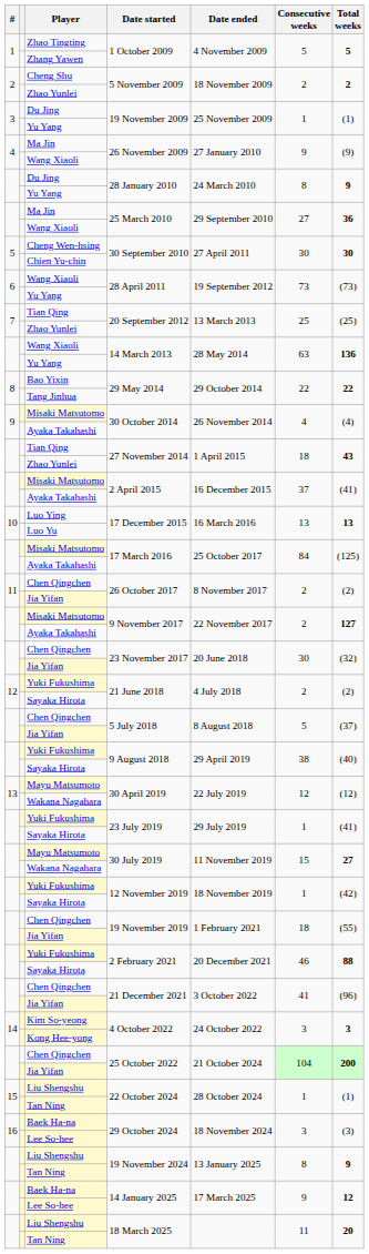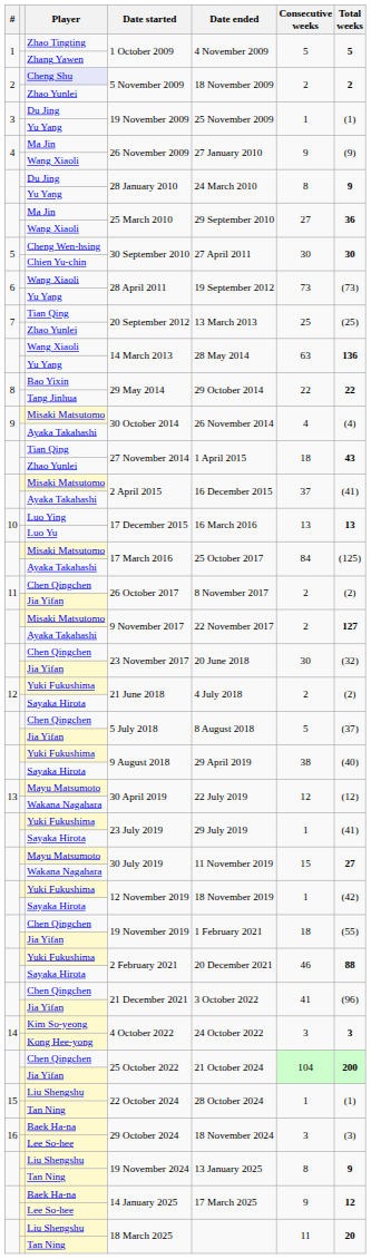 <table class="sortable wikitable" style="font-size:90%; text-align:center">
 <tr>
 <th>#</th>
 <th></th>
 <th>Player</th>
 <th>Date started</th>
 <th>Date ended</th>
 <th>Consecutive<br>weeks</th>
 <th>Total<br>weeks</th>
 </tr>
 <tr>
 <td rowspan="2">1</td>
 <td></td>
 <td align="left"><a href='#'>Zhao Tingting</a></td>
 <td align="left" rowspan="2">1 October 2009</td>
 <td align="left" rowspan="2">4 November 2009</td>
 <td rowspan="2">5</td>
 <td rowspan="2"><strong>5</strong></td>
 </tr>
 <tr>
 <td></td>
 <td align="left"><a href='#'>Zhang Yawen</a></td>
 </tr>
 <tr>
 <td rowspan="2">2</td>
 <td></td>
-<td align="left"><a href='#'>Cheng Shu</a></td>
+<td align="left" style="background: lavender;"><a href='#'>Cheng Shu</a></td>
 <td align="left" rowspan="2">5 November 2009</td>
 <td align="left" rowspan="2">18 November 2009</td>
 <td rowspan="2">2</td>
 <td rowspan="2"><strong>2</strong></td>
 </tr>
 <tr>
 <td></td>
 <td align="left"><a href='#'>Zhao Yunlei</a></td>
 </tr>
 <tr>
 <td rowspan="2">3</td>
 <td></td>
 <td align="left"><a href='#'>Du Jing</a></td>
 <td align="left" rowspan="2">19 November 2009</td>
 <td align="left" rowspan="2">25 November 2009</td>
 <td rowspan="2">1</td>
 <td rowspan="2">(1)</td>
 </tr>
 <tr>
 <td></td>
 <td align="left"><a href='#'>Yu Yang</a></td>
 </tr>
 <tr>
 <td rowspan="2">4</td>
 <td></td>
 <td align="left"><a href='#'>Ma Jin</a></td>
 <td align="left" rowspan="2">26 November 2009</td>
 <td align="left" rowspan="2">27 January 2010</td>
 <td rowspan="2">9</td>
 <td rowspan="2">(9)</td>
 </tr>
 <tr>
 <td></td>
 <td align="left"><a href='#'>Wang Xiaoli</a></td>
 </tr>
 <tr>
 <td rowspan="2"></td>
 <td></td>
 <td align="left"><a href='#'>Du Jing</a></td>
 <td align="left" rowspan="2">28 January 2010</td>
 <td align="left" rowspan="2">24 March 2010</td>
 <td rowspan="2">8</td>
 <td rowspan="2"><strong>9</strong></td>
 </tr>
 <tr>
 <td></td>
 <td align="left"><a href='#'>Yu Yang</a></td>
 </tr>
 <tr>
 <td rowspan="2"></td>
 <td></td>
 <td align="left"><a href='#'>Ma Jin</a></td>
 <td align="left" rowspan="2">25 March 2010</td>
 <td align="left" rowspan="2">29 September 2010</td>
 <td rowspan="2">27</td>
 <td rowspan="2"><strong>36</strong></td>
 </tr>
 <tr>
 <td></td>
 <td align="left"><a href='#'>Wang Xiaoli</a></td>
 </tr>
 <tr>
 <td rowspan="2">5</td>
 <td></td>
 <td align="left"><a href='#'>Cheng Wen-hsing</a></td>
 <td align="left" rowspan="2">30 September 2010</td>
 <td align="left" rowspan="2">27 April 2011</td>
 <td rowspan="2">30</td>
 <td rowspan="2"><strong>30</strong></td>
 </tr>
 <tr>
 <td></td>
 <td align="left"><a href='#'>Chien Yu-chin</a></td>
 </tr>
 <tr>
 <td rowspan="2">6</td>
 <td></td>
 <td align="left"><a href='#'>Wang Xiaoli</a></td>
 <td align="left" rowspan="2">28 April 2011</td>
 <td align="left" rowspan="2">19 September 2012</td>
 <td rowspan="2">73</td>
 <td rowspan="2">(73)</td>
 </tr>
 <tr>
 <td></td>
 <td align="left"><a href='#'>Yu Yang</a></td>
 </tr>
 <tr>
 <td rowspan="2">7</td>
 <td></td>
 <td align="left"><a href='#'>Tian Qing</a></td>
 <td align="left" rowspan="2">20 September 2012</td>
 <td align="left" rowspan="2">13 March 2013</td>
 <td rowspan="2">25</td>
 <td rowspan="2">(25)</td>
 </tr>
 <tr>
 <td></td>
 <td align="left"><a href='#'>Zhao Yunlei</a></td>
 </tr>
 <tr>
 <td rowspan="2"></td>
 <td></td>
 <td align="left"><a href='#'>Wang Xiaoli</a></td>
 <td align="left" rowspan="2">14 March 2013</td>
 <td align="left" rowspan="2">28 May 2014</td>
 <td rowspan="2">63</td>
 <td rowspan="2"><strong>136</strong></td>
 </tr>
 <tr>
 <td></td>
 <td align="left"><a href='#'>Yu Yang</a></td>
 </tr>
 <tr>
 <td rowspan="2">8</td>
 <td></td>
 <td align="left"><a href='#'>Bao Yixin</a></td>
 <td align="left" rowspan="2">29 May 2014</td>
 <td align="left" rowspan="2">29 October 2014</td>
 <td rowspan="2">22</td>
 <td rowspan="2"><strong>22</strong></td>
 </tr>
 <tr>
 <td></td>
 <td align="left"><a href='#'>Tang Jinhua</a></td>
 </tr>
 <tr>
 <td rowspan="2">9</td>
 <td bgcolor="#FFFACD"></td>
 <td align="left" bgcolor="#FFFACD"><a href='#'>Misaki Matsutomo</a></td>
 <td align="left" rowspan="2">30 October 2014</td>
 <td align="left" rowspan="2">26 November 2014</td>
 <td rowspan="2">4</td>
 <td rowspan="2">(4)</td>
 </tr>
 <tr>
 <td></td>
 <td align="left"><a href='#'>Ayaka Takahashi</a></td>
 </tr>
 <tr>
 <td rowspan="2"></td>
 <td></td>
 <td align="left"><a href='#'>Tian Qing</a></td>
 <td align="left" rowspan="2">27 November 2014</td>
 <td align="left" rowspan="2">1 April 2015</td>
 <td rowspan="2">18</td>
 <td rowspan="2"><strong>43</strong></td>
 </tr>
 <tr>
 <td></td>
 <td align="left"><a href='#'>Zhao Yunlei</a></td>
 </tr>
 <tr>
 <td rowspan="2"></td>
 <td bgcolor="#FFFACD"></td>
 <td align="left" bgcolor="#FFFACD"><a href='#'>Misaki Matsutomo</a></td>
 <td align="left" rowspan="2">2 April 2015</td>
 <td align="left" rowspan="2">16 December 2015</td>
 <td rowspan="2">37</td>
 <td rowspan="2">(41)</td>
 </tr>
 <tr>
 <td></td>
 <td align="left"><a href='#'>Ayaka Takahashi</a></td>
 </tr>
 <tr>
 <td rowspan="2">10</td>
 <td></td>
 <td align="left"><a href='#'>Luo Ying</a></td>
 <td align="left" rowspan="2">17 December 2015</td>
 <td align="left" rowspan="2">16 March 2016</td>
 <td rowspan="2">13</td>
 <td rowspan="2"><strong>13</strong></td>
 </tr>
 <tr>
 <td></td>
 <td align="left"><a href='#'>Luo Yu</a></td>
 </tr>
 <tr>
 <td rowspan="2"></td>
 <td bgcolor="#FFFACD"></td>
 <td align="left" bgcolor="#FFFACD"><a href='#'>Misaki Matsutomo</a></td>
 <td align="left" rowspan="2">17 March 2016</td>
 <td align="left" rowspan="2">25 October 2017</td>
 <td rowspan="2">84</td>
 <td rowspan="2">(125)</td>
 </tr>
 <tr>
 <td></td>
 <td align="left"><a href='#'>Ayaka Takahashi</a></td>
 </tr>
 <tr>
 <td rowspan="2">11</td>
 <td></td>
 <td align="left"><a href='#'>Chen Qingchen</a></td>
 <td align="left" rowspan="2">26 October 2017</td>
 <td align="left" rowspan="2">8 November 2017</td>
 <td rowspan="2">2</td>
 <td rowspan="2">(2)</td>
 </tr>
 <tr>
 <td bgcolor="#FFFACD"></td>
 <td align="left" bgcolor="#FFFACD"><a href='#'>Jia Yifan</a></td>
 </tr>
 <tr>
 <td rowspan="2"></td>
 <td bgcolor="#FFFACD"></td>
 <td align="left" bgcolor="#FFFACD"><a href='#'>Misaki Matsutomo</a></td>
 <td align="left" rowspan="2">9 November 2017</td>
 <td align="left" rowspan="2">22 November 2017</td>
 <td rowspan="2">2</td>
 <td rowspan="2"><strong>127</strong></td>
 </tr>
 <tr>
 <td></td>
 <td align="left"><a href='#'>Ayaka Takahashi</a></td>
 </tr>
 <tr>
 <td rowspan="2"></td>
 <td></td>
 <td align="left"><a href='#'>Chen Qingchen</a></td>
 <td align="left" rowspan="2">23 November 2017</td>
 <td align="left" rowspan="2">20 June 2018</td>
 <td rowspan="2">30</td>
 <td rowspan="2">(32)</td>
 </tr>
 <tr>
 <td bgcolor="#FFFACD"></td>
 <td align="left" bgcolor="#FFFACD"><a href='#'>Jia Yifan</a></td>
 </tr>
 <tr>
 <td rowspan="2">12</td>
 <td bgcolor="#FFFACD"></td>
 <td align="left" bgcolor="#FFFACD"><a href='#'>Yuki Fukushima</a></td>
 <td align="left" rowspan="2">21 June 2018</td>
 <td align="left" rowspan="2">4 July 2018</td>
 <td rowspan="2">2</td>
 <td rowspan="2">(2)</td>
 </tr>
 <tr>
 <td></td>
 <td align="left"><a href='#'>Sayaka Hirota</a></td>
 </tr>
 <tr>
 <td rowspan="2"></td>
 <td></td>
 <td align="left"><a href='#'>Chen Qingchen</a></td>
 <td align="left" rowspan="2">5 July 2018</td>
 <td align="left" rowspan="2">8 August 2018</td>
 <td rowspan="2">5</td>
 <td rowspan="2">(37)</td>
 </tr>
 <tr>
 <td bgcolor="#FFFACD"></td>
 <td align="left" bgcolor="#FFFACD"><a href='#'>Jia Yifan</a></td>
 </tr>
 <tr>
 <td rowspan="2"></td>
 <td bgcolor="#FFFACD"></td>
 <td align="left" bgcolor="#FFFACD"><a href='#'>Yuki Fukushima</a></td>
 <td align="left" rowspan="2">9 August 2018</td>
 <td align="left" rowspan="2">29 April 2019</td>
 <td rowspan="2">38</td>
 <td rowspan="2">(40)</td>
 </tr>
 <tr>
 <td></td>
 <td align="left"><a href='#'>Sayaka Hirota</a></td>
 </tr>
 <tr>
 <td rowspan="2">13</td>
 <td bgcolor="#FFFACD"></td>
 <td align="left" bgcolor="#FFFACD"><a href='#'>Mayu Matsumoto</a></td>
 <td align="left" rowspan="2">30 April 2019</td>
 <td align="left" rowspan="2">22 July 2019</td>
 <td rowspan="2">12</td>
 <td rowspan="2">(12)</td>
 </tr>
 <tr>
 <td></td>
 <td align="left"><a href='#'>Wakana Nagahara</a></td>
 </tr>
 <tr>
 <td rowspan="2"></td>
 <td bgcolor="#FFFACD"></td>
 <td align="left" bgcolor="#FFFACD"><a href='#'>Yuki Fukushima</a></td>
 <td align="left" rowspan="2">23 July 2019</td>
 <td align="left" rowspan="2">29 July 2019</td>
 <td rowspan="2">1</td>
 <td rowspan="2">(41)</td>
 </tr>
 <tr>
 <td></td>
 <td align="left"><a href='#'>Sayaka Hirota</a></td>
 </tr>
 <tr>
 <td rowspan="2"></td>
 <td bgcolor="#FFFACD"></td>
 <td align="left" bgcolor="#FFFACD"><a href='#'>Mayu Matsumoto</a></td>
 <td align="left" rowspan="2">30 July 2019</td>
 <td align="left" rowspan="2">11 November 2019</td>
 <td rowspan="2">15</td>
 <td rowspan="2"><strong>27</strong></td>
 </tr>
 <tr>
 <td></td>
 <td align="left"><a href='#'>Wakana Nagahara</a></td>
 </tr>
 <tr>
 <td rowspan="2"></td>
 <td bgcolor="#FFFACD"></td>
 <td align="left" bgcolor="#FFFACD"><a href='#'>Yuki Fukushima</a></td>
 <td align="left" rowspan="2">12 November 2019</td>
 <td align="left" rowspan="2">18 November 2019</td>
 <td rowspan="2">1</td>
 <td rowspan="2">(42)</td>
 </tr>
 <tr>
 <td></td>
 <td align="left"><a href='#'>Sayaka Hirota</a></td>
 </tr>
 <tr>
 <td rowspan="2"></td>
 <td></td>
 <td align="left"><a href='#'>Chen Qingchen</a></td>
 <td align="left" rowspan="2">19 November 2019</td>
 <td align="left" rowspan="2">1 February 2021</td>
 <td rowspan="2">18</td>
 <td rowspan="2">(55)</td>
 </tr>
 <tr>
 <td bgcolor="#FFFACD"></td>
 <td align="left" bgcolor="#FFFACD"><a href='#'>Jia Yifan</a></td>
 </tr>
 <tr>
 <td rowspan="2"></td>
 <td bgcolor="#FFFACD"></td>
 <td align="left" bgcolor="#FFFACD"><a href='#'>Yuki Fukushima</a></td>
 <td align="left" rowspan="2">2 February 2021</td>
 <td align="left" rowspan="2">20 December 2021</td>
 <td rowspan="2">46</td>
 <td rowspan="2"><strong>88</strong></td>
 </tr>
 <tr>
 <td></td>
 <td align="left"><a href='#'>Sayaka Hirota</a></td>
 </tr>
 <tr>
 <td rowspan="2"></td>
 <td></td>
 <td align="left"><a href='#'>Chen Qingchen</a></td>
 <td align="left" rowspan="2">21 December 2021</td>
 <td align="left" rowspan="2">3 October 2022</td>
 <td rowspan="2">41</td>
 <td rowspan="2">(96)</td>
 </tr>
 <tr>
 <td bgcolor="FFFACD"></td>
 <td align="left" bgcolor="FFFACD"><a href='#'>Jia Yifan</a></td>
 </tr>
 <tr>
 <td rowspan="2">14</td>
 <td bgcolor="#FFFACD"></td>
 <td align="left" bgcolor="FFFACD"><a href='#'>Kim So-yeong</a></td>
 <td align="left" rowspan="2">4 October 2022</td>
 <td align="left" rowspan="2">24 October 2022</td>
 <td rowspan="2">3</td>
 <td rowspan="2"><strong>3</strong></td>
 </tr>
 <tr>
 <td bgcolor="FFFACD"></td>
 <td align="left" bgcolor="FFFACD"><a href='#'>Kong Hee-yong</a></td>
 </tr>
 <tr>
 <td rowspan="2"></td>
 <td></td>
 <td align="left"><a href='#'>Chen Qingchen</a></td>
 <td align="left" rowspan="2">25 October 2022</td>
 <td align="left" rowspan="2">21 October 2024</td>
 <td bgcolor="#ccffcc" rowspan="2">104</td>
 <td bgcolor="#ccffcc" rowspan="2"><strong>200</strong></td>
 </tr>
 <tr>
 <td bgcolor="FFFACD"></td>
 <td align="left" bgcolor="FFFACD"><a href='#'>Jia Yifan</a></td>
 </tr>
 <tr>
 <td rowspan="2">15</td>
 <td bgcolor="#FFFACD"></td>
 <td align="left" bgcolor="FFFACD"><a href='#'>Liu Shengshu</a></td>
 <td align="left" rowspan="2">22 October 2024</td>
 <td align="left" rowspan="2">28 October 2024</td>
 <td rowspan="2">1</td>
 <td rowspan="2">(1)</td>
 </tr>
 <tr>
 <td bgcolor="FFFACD"></td>
 <td align="left" bgcolor="FFFACD"><a href='#'>Tan Ning</a></td>
 </tr>
 <tr>
 <td rowspan="2">16</td>
 <td bgcolor="#FFFACD"></td>
 <td align="left" bgcolor="FFFACD"><a href='#'>Baek Ha-na</a></td>
 <td align="left" rowspan="2">29 October 2024</td>
 <td align="left" rowspan="2">18 November 2024</td>
 <td rowspan="2">3</td>
 <td rowspan="2">(3)</td>
 </tr>
 <tr>
 <td bgcolor="FFFACD"></td>
 <td align="left" bgcolor="FFFACD"><a href='#'>Lee So-hee</a></td>
 </tr>
 <tr>
 <td rowspan="2"></td>
 <td bgcolor="#FFFACD"></td>
 <td align="left" bgcolor="FFFACD"><a href='#'>Liu Shengshu</a></td>
 <td align="left" rowspan="2">19 November 2024</td>
 <td align="left" rowspan="2">13 January 2025</td>
 <td rowspan="2">8</td>
 <td rowspan="2"><strong>9</strong></td>
 </tr>
 <tr>
 <td bgcolor="FFFACD"></td>
 <td align="left" bgcolor="FFFACD"><a href='#'>Tan Ning</a></td>
 </tr>
 <tr>
 <td rowspan="2"></td>
 <td bgcolor="#FFFACD"></td>
 <td align="left" bgcolor="FFFACD"><a href='#'>Baek Ha-na</a></td>
 <td align="left" rowspan="2">14 January 2025</td>
 <td align="left" rowspan="2">17 March 2025</td>
 <td rowspan="2">9</td>
 <td rowspan="2"><strong>12</strong></td>
 </tr>
 <tr>
 <td bgcolor="FFFACD"></td>
 <td align="left" bgcolor="FFFACD"><a href='#'>Lee So-hee</a></td>
 </tr>
 <tr>
 <td rowspan="2"></td>
 <td bgcolor="#FFFACD"></td>
 <td align="left" bgcolor="FFFACD"><a href='#'>Liu Shengshu</a></td>
 <td align="left" rowspan="2">18 March 2025</td>
 <td align="left" rowspan="2"></td>
 <td rowspan="2">11</td>
 <td rowspan="2"><strong>20</strong></td>
 </tr>
 <tr>
 <td bgcolor="FFFACD"></td>
 <td align="left" bgcolor="FFFACD"><a href='#'>Tan Ning</a></td>
 </tr>
 </table>
